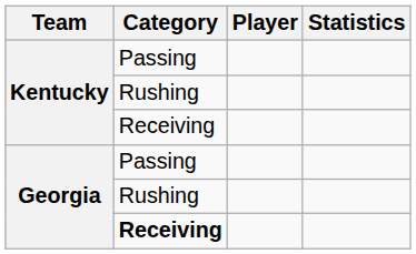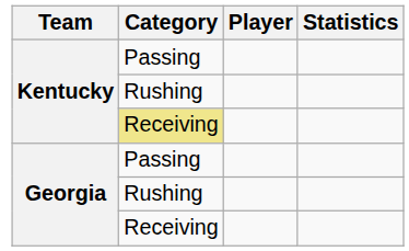 <table class="wikitable" style="float:right">
 <tr>
 <th>Team</th>
 <th>Category</th>
 <th>Player</th>
 <th>Statistics</th>
 </tr>
 <tr>
 <th rowspan=3>Kentucky</th>
 <td>Passing</td>
 <td></td>
 <td></td>
 </tr>
 <tr>
 <td>Rushing</td>
 <td></td>
 <td></td>
 </tr>
 <tr>
-<td>Receiving</td>
+<td style="background: khaki;">Receiving</td>
 <td></td>
 <td></td>
 </tr>
 <tr>
 <th rowspan=3>Georgia</th>
 <td>Passing</td>
 <td></td>
 <td></td>
 </tr>
 <tr>
 <td>Rushing</td>
 <td></td>
 <td></td>
 </tr>
 <tr>
-<td><strong>Receiving</strong></td>
+<td>Receiving</td>
 <td></td>
 <td></td>
 </tr>
 </table>
